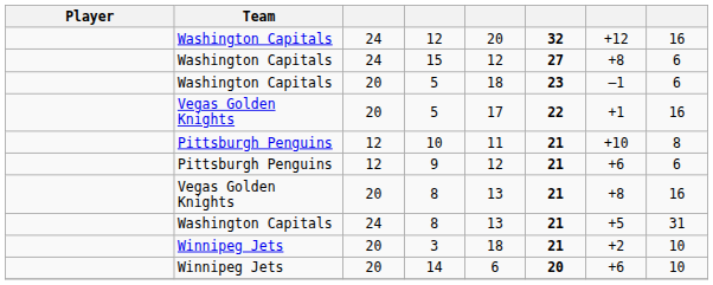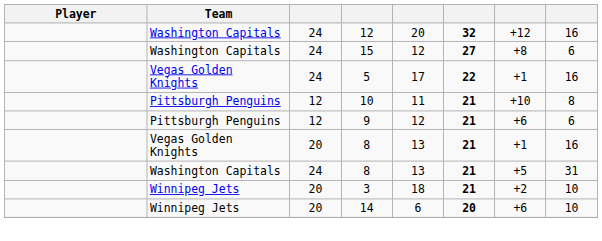 <table style="padding:3px; border-spacing:0; text-align:center;" class="wikitable sortable">
 <tr>
 <th style="width:12em">Player</th>
 <th style="width:12em">Team</th>
 <th style="width:4em"></th>
 <th style="width:4em"></th>
 <th style="width:4em"></th>
 <th style="width:4em"></th>
 <th data-sort-type="number" style="width:4em"></th>
 <th style="width:4em"></th>
 </tr>
 <tr>
 <td align=left></td>
 <td align=left><a href='#'>Washington Capitals</a></td>
 <td>24</td>
 <td>12</td>
 <td>20</td>
 <td><strong>32</strong></td>
 <td>+12</td>
 <td>16</td>
 </tr>
 <tr>
 <td align=left></td>
 <td align=left>Washington Capitals</td>
 <td>24</td>
 <td>15</td>
 <td>12</td>
 <td><strong>27</strong></td>
 <td>+8</td>
 <td>6</td>
 </tr>
 <tr>
 <td align=left></td>
-<td align=left>Washington Capitals</td>
-<td>20</td>
-<td>5</td>
-<td>18</td>
-<td><strong>23</strong></td>
-<td>–1</td>
-<td>6</td>
-</tr>
-<tr>
-<td align=left></td>
 <td align=left><a href='#'>Vegas Golden Knights</a></td>
-<td>20</td>
+<td>24</td>
 <td>5</td>
 <td>17</td>
 <td><strong>22</strong></td>
 <td>+1</td>
 <td>16</td>
 </tr>
 <tr>
 <td align=left></td>
 <td align=left><a href='#'>Pittsburgh Penguins</a></td>
 <td>12</td>
 <td>10</td>
 <td>11</td>
 <td><strong>21</strong></td>
 <td>+10</td>
 <td>8</td>
 </tr>
 <tr>
 <td align=left></td>
 <td align=left>Pittsburgh Penguins</td>
 <td>12</td>
 <td>9</td>
 <td>12</td>
 <td><strong>21</strong></td>
 <td>+6</td>
 <td>6</td>
 </tr>
 <tr>
 <td align=left></td>
 <td align=left>Vegas Golden Knights</td>
 <td>20</td>
 <td>8</td>
 <td>13</td>
 <td><strong>21</strong></td>
-<td>+8</td>
+<td>+1</td>
 <td>16</td>
 </tr>
 <tr>
 <td align=left></td>
 <td align=left>Washington Capitals</td>
 <td>24</td>
 <td>8</td>
 <td>13</td>
 <td><strong>21</strong></td>
 <td>+5</td>
 <td>31</td>
 </tr>
 <tr>
 <td align=left></td>
 <td align=left><a href='#'>Winnipeg Jets</a></td>
 <td>20</td>
 <td>3</td>
 <td>18</td>
 <td><strong>21</strong></td>
 <td>+2</td>
 <td>10</td>
 </tr>
 <tr>
 <td align=left></td>
 <td align=left>Winnipeg Jets</td>
 <td>20</td>
 <td>14</td>
 <td>6</td>
 <td><strong>20</strong></td>
 <td>+6</td>
 <td>10</td>
 </tr>
 <tr>
 </tr>
 </table>
